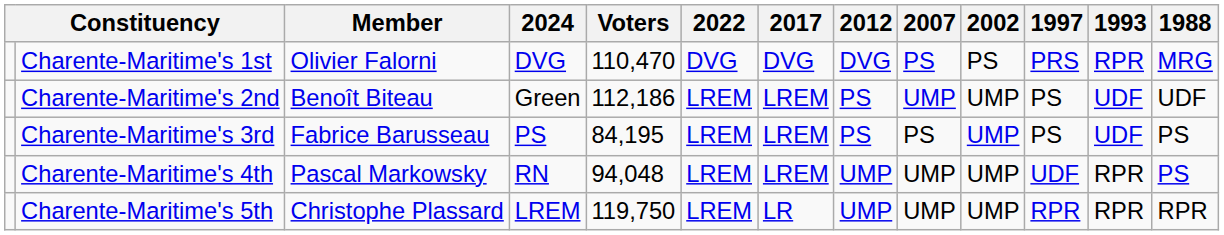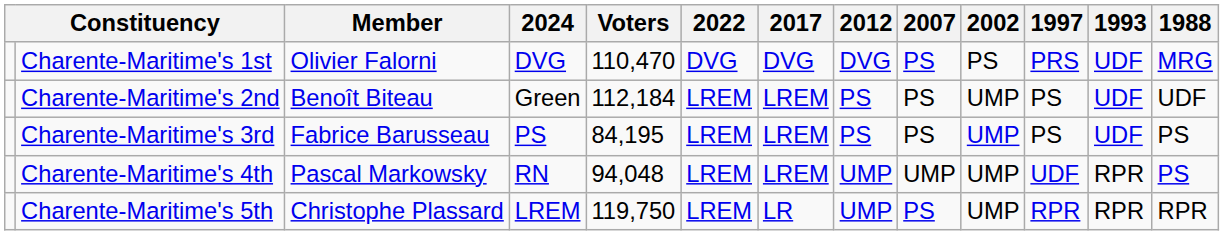 <table class="wikitable sortable">
 <tr>
 <th colspan="2">Constituency</th>
 <th>Member</th>
 <th>2024</th>
 <th>Voters</th>
 <th>2022</th>
 <th>2017</th>
 <th>2012</th>
 <th>2007</th>
 <th>2002</th>
 <th>1997</th>
 <th>1993</th>
 <th>1988</th>
 </tr>
 <tr>
 <td style="background-color: "></td>
 <td><a href='#'>Charente-Maritime's 1st</a></td>
 <td><a href='#'>Olivier Falorni</a></td>
 <td><a href='#'>DVG</a></td>
 <td>110,470</td>
 <td><a href='#'>DVG</a></td>
 <td><a href='#'>DVG</a></td>
 <td bgcolor=><a href='#'>DVG</a></td>
 <td bgcolor=><a href='#'>PS</a></td>
 <td bgcolor=>PS</td>
 <td bgcolor=><a href='#'>PRS</a></td>
-<td bgcolor=><a href='#'>RPR</a></td>
+<td bgcolor=><a href='#'>UDF</a></td>
 <td bgcolor=><a href='#'>MRG</a></td>
 </tr>
 <tr>
 <td style="background-color: "></td>
 <td><a href='#'>Charente-Maritime's 2nd</a></td>
 <td><a href='#'>Benoît Biteau</a></td>
 <td>Green</td>
-<td>112,186</td>
+<td>112,184</td>
 <td><a href='#'>LREM</a></td>
 <td><a href='#'>LREM</a></td>
 <td bgcolor=><a href='#'>PS</a></td>
-<td bgcolor=><a href='#'>UMP</a></td>
+<td bgcolor=>PS</td>
 <td bgcolor=>UMP</td>
 <td bgcolor=>PS</td>
 <td bgcolor=><a href='#'>UDF</a></td>
 <td bgcolor=>UDF</td>
 </tr>
 <tr>
 <td style="background-color: "></td>
 <td><a href='#'>Charente-Maritime's 3rd</a></td>
 <td><a href='#'>Fabrice Barusseau</a></td>
 <td bgcolor=><a href='#'>PS</a></td>
 <td>84,195</td>
 <td><a href='#'>LREM</a></td>
 <td><a href='#'>LREM</a></td>
 <td bgcolor=><a href='#'>PS</a></td>
 <td bgcolor=>PS</td>
 <td bgcolor=><a href='#'>UMP</a></td>
 <td bgcolor=>PS</td>
 <td bgcolor=><a href='#'>UDF</a></td>
 <td bgcolor=>PS</td>
 </tr>
 <tr>
 <td style="background-color: "></td>
 <td><a href='#'>Charente-Maritime's 4th</a></td>
 <td><a href='#'>Pascal Markowsky</a></td>
 <td><a href='#'>RN</a></td>
 <td>94,048</td>
 <td><a href='#'>LREM</a></td>
 <td><a href='#'>LREM</a></td>
 <td bgcolor=><a href='#'>UMP</a></td>
 <td bgcolor=>UMP</td>
 <td bgcolor=>UMP</td>
 <td bgcolor=><a href='#'>UDF</a></td>
 <td bgcolor=>RPR</td>
 <td bgcolor=><a href='#'>PS</a></td>
 </tr>
 <tr>
 <td style="background-color: "></td>
 <td><a href='#'>Charente-Maritime's 5th</a></td>
 <td><a href='#'>Christophe Plassard</a></td>
 <td><a href='#'>LREM</a></td>
 <td>119,750</td>
 <td><a href='#'>LREM</a></td>
 <td><a href='#'>LR</a></td>
 <td bgcolor=><a href='#'>UMP</a></td>
-<td bgcolor=>UMP</td>
+<td bgcolor=><a href='#'>PS</a></td>
 <td bgcolor=>UMP</td>
 <td bgcolor=><a href='#'>RPR</a></td>
 <td bgcolor=>RPR</td>
 <td bgcolor=>RPR</td>
 </tr>
 </table>
